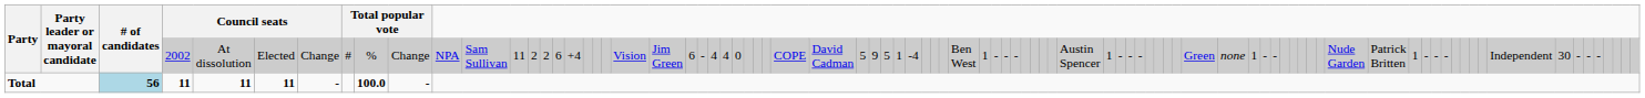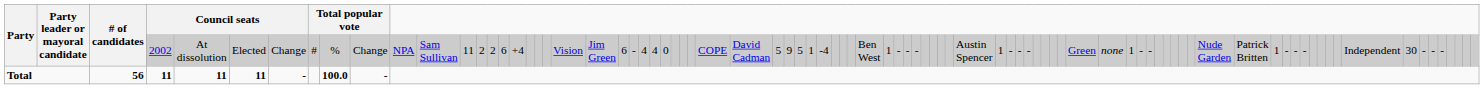 <table class="wikitable">
 <tr>
 <th rowspan="2" colspan="2">Party</th>
 <th rowspan="2">Party leader or mayoral candidate</th>
 <th rowspan="2"># of candidates</th>
 <th colspan="4">Council seats</th>
 <th colspan="3">Total popular vote</th>
 </tr>
 <tr bgcolor="cccccc">
 <td align="center"><a href='#'>2002</a></td>
 <td align="center">At dissolution</td>
 <td align="center">Elected</td>
 <td align="center">Change</td>
 <td align="center">#</td>
 <td align="center">%</td>
 <td align="center">Change<br></td>
 <td><a href='#'>NPA</a></td>
 <td><a href='#'>Sam Sullivan</a></td>
 <td align="right">11</td>
 <td align="right">2</td>
 <td align="right">2</td>
 <td align="right">6</td>
 <td align="right">+4</td>
 <td align="right"> </td>
 <td align="right"> </td>
 <td align="right"> <br></td>
 <td><a href='#'>Vision</a></td>
 <td><a href='#'>Jim Green</a></td>
 <td align="right">6</td>
 <td align="right">-</td>
 <td align="right">4</td>
 <td align="right">4</td>
 <td align="right">0</td>
 <td align="right"> </td>
 <td align="right"> </td>
 <td align="right"> <br></td>
 <td><a href='#'>COPE</a></td>
 <td><a href='#'>David Cadman</a></td>
 <td align="right">5</td>
 <td align="right">9</td>
 <td align="right">5</td>
 <td align="right">1</td>
 <td align="right">-4</td>
 <td align="right"> </td>
 <td align="right"> </td>
 <td align="right"> <br></td>
 <td>Ben West</td>
 <td align="right">1</td>
 <td align="right">-</td>
 <td align="right">-</td>
 <td align="right">-</td>
 <td align="right"> </td>
 <td align="right"> </td>
 <td align="right"> </td>
 <td align="right"> <br></td>
 <td>Austin Spencer</td>
 <td align="right">1</td>
 <td align="right">-</td>
 <td align="right">-</td>
 <td align="right">-</td>
 <td align="right"> </td>
 <td align="right"> </td>
 <td align="right"> </td>
 <td align="right"> <br></td>
 <td><a href='#'>Green</a></td>
 <td><em>none</em></td>
 <td align="right">1</td>
 <td align="right">-</td>
 <td align="right">-</td>
 <td align="right"> </td>
 <td align="right"> </td>
 <td align="right"> </td>
 <td align="right"> </td>
 <td align="right"> <br></td>
 <td><a href='#'>Nude Garden</a></td>
 <td>Patrick Britten</td>
 <td align="right">1</td>
 <td align="right">-</td>
 <td align="right">-</td>
 <td align="right">-</td>
 <td align="right"> </td>
 <td align="right"> </td>
 <td align="right"> </td>
 <td align="right"> <br></td>
 <td colspan="2">Independent</td>
 <td align="right">30</td>
 <td align="right">-</td>
 <td align="right">-</td>
 <td align="right">-</td>
 <td align="right"> </td>
 <td align="right"> </td>
 <td align="right"> </td>
 <td align="right"> </td>
 </tr>
 <tr>
 <td colspan="3"><strong>Total</strong></td>
-<td align="right" style="background: lightblue;"><strong>56</strong></td>
+<td align="right"><strong>56</strong></td>
 <td align="right"><strong>11</strong></td>
 <td align="right"><strong>11</strong></td>
 <td align="right"><strong>11</strong></td>
 <td align="right"><strong>-</strong></td>
 <td align="right"><strong> </strong></td>
 <td align="right"><strong>100.0</strong></td>
 <td align="right"><strong>-</strong></td>
 </tr>
 </table>
